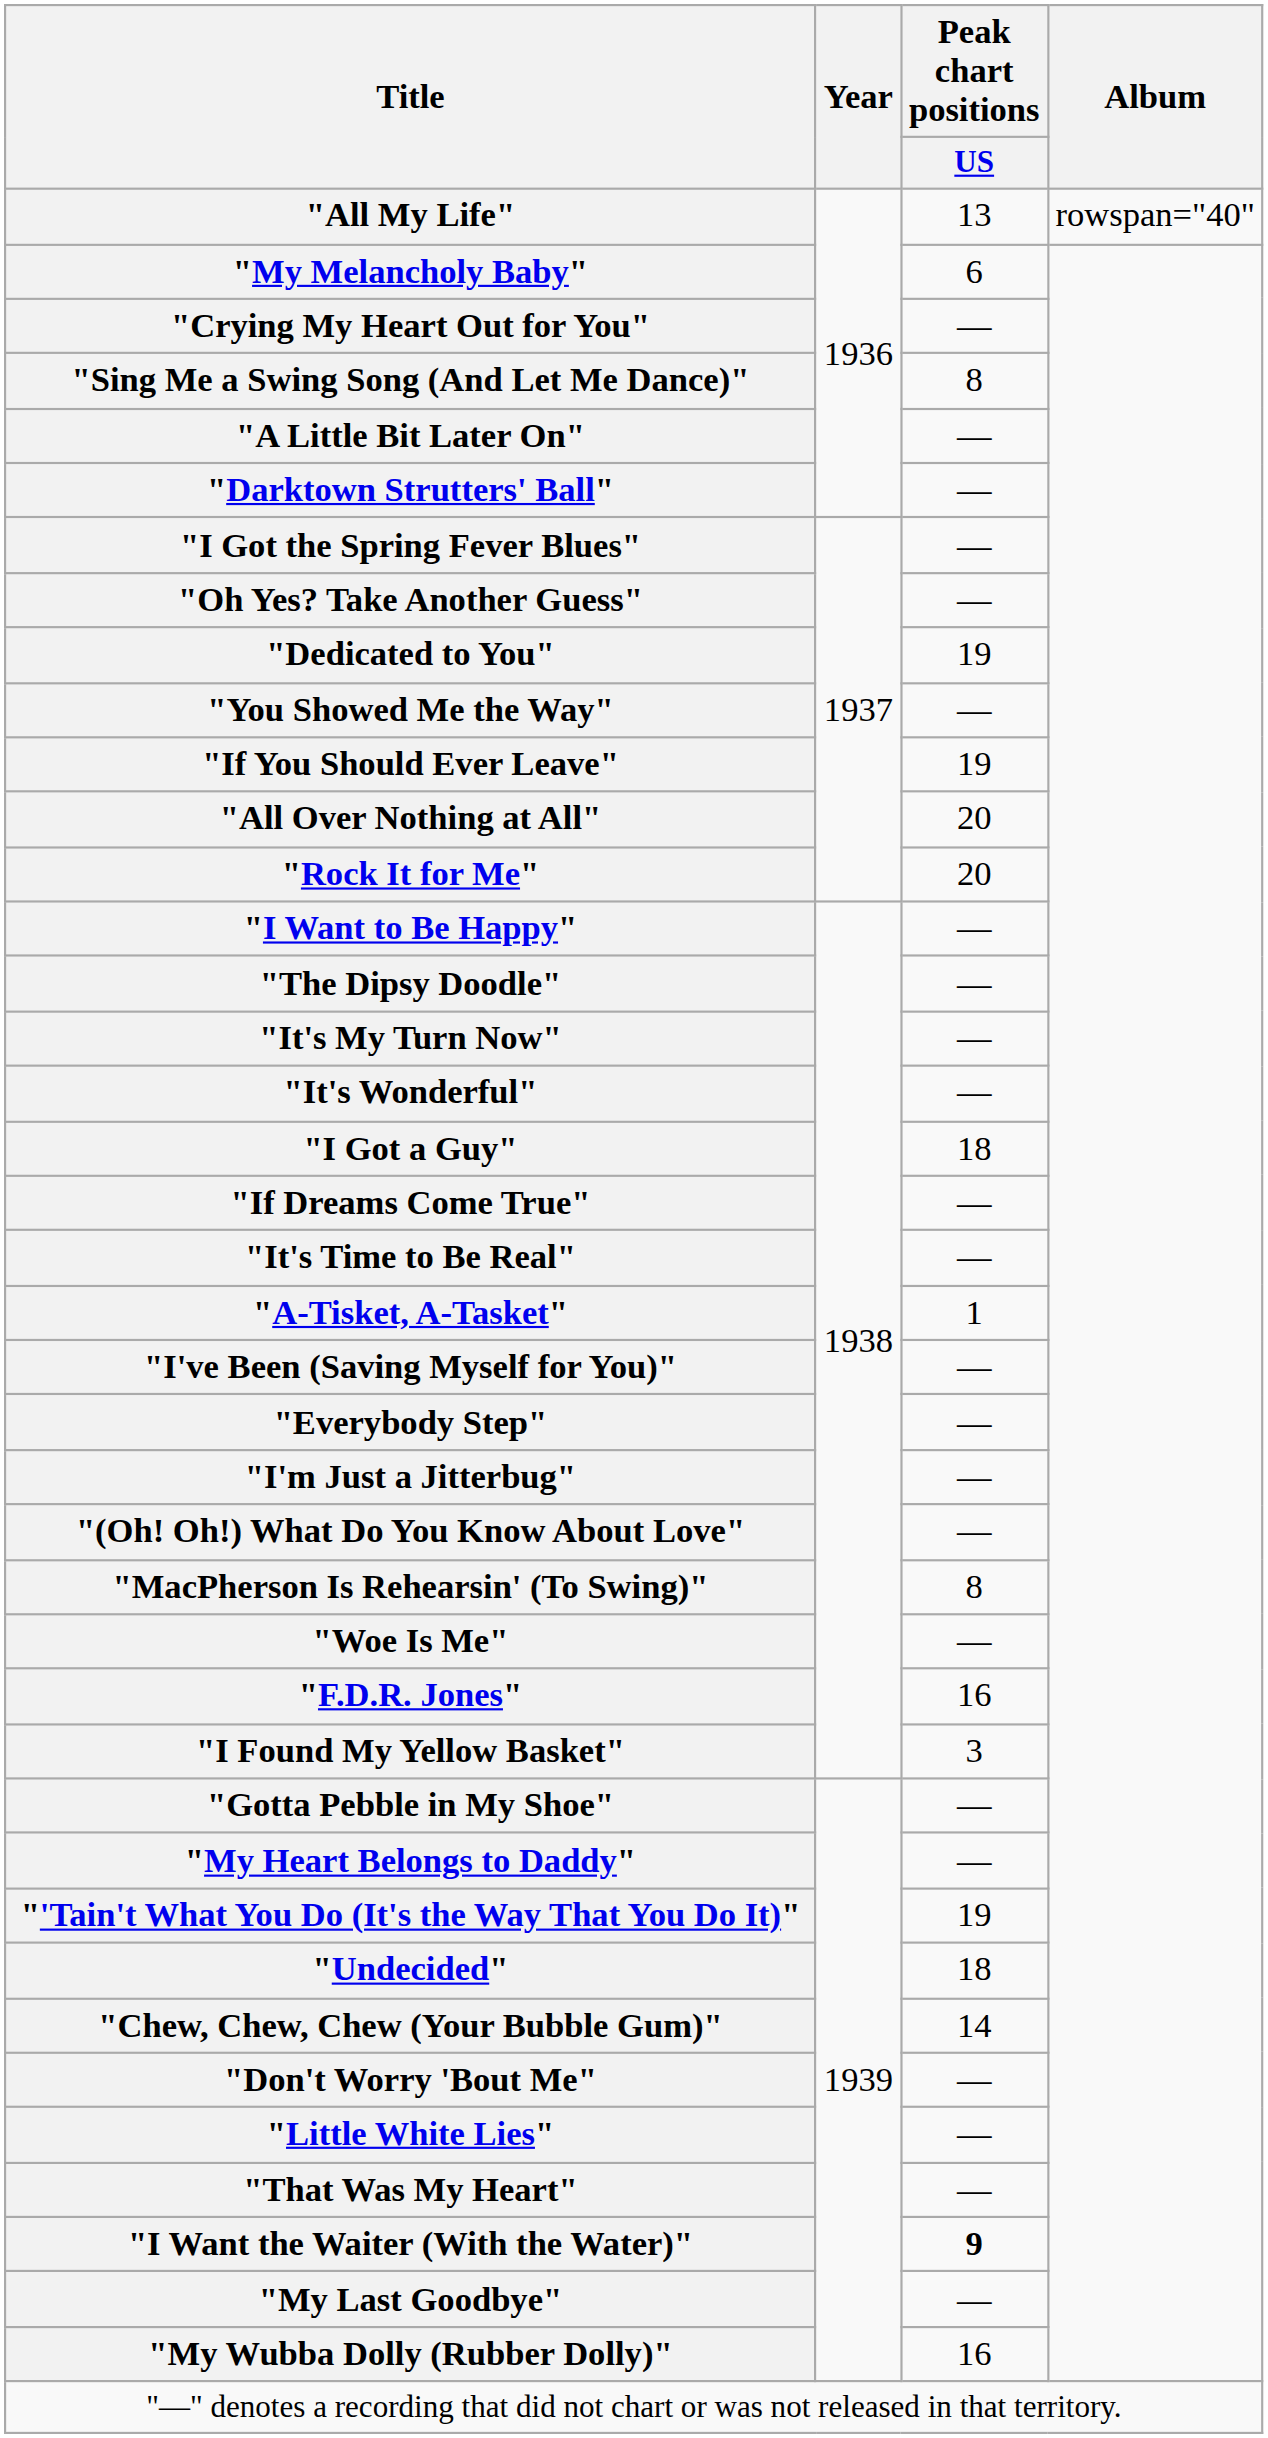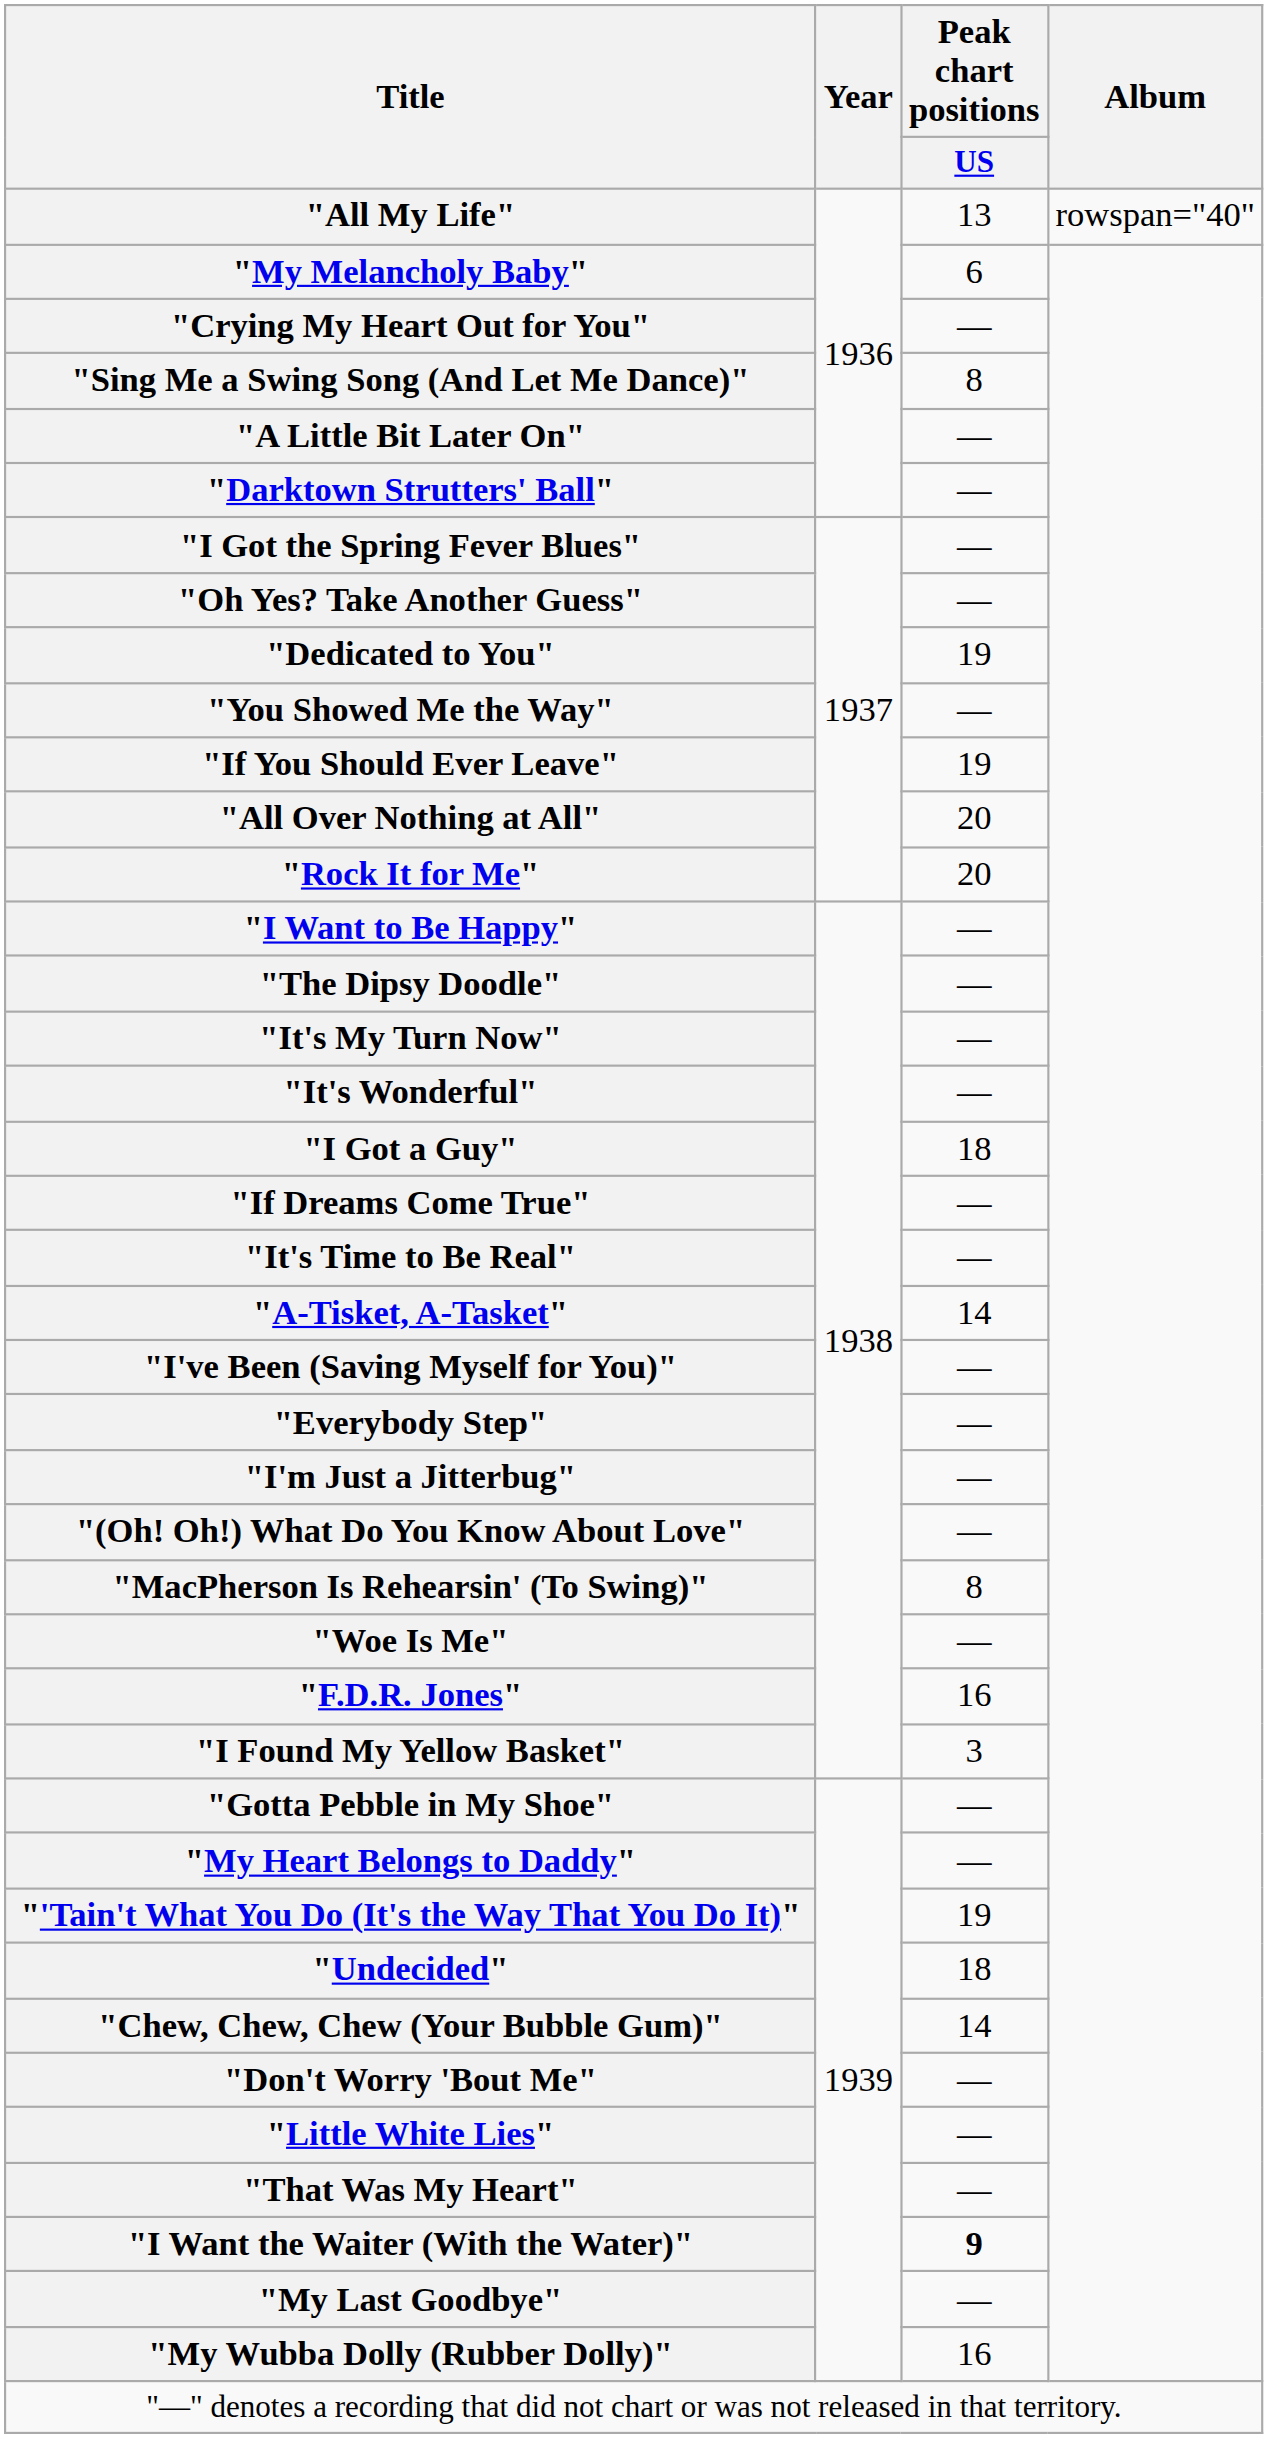 <table class="wikitable plainrowheaders" style="text-align:center;" border="1">
 <tr>
 <th scope="col" rowspan="2" style="width:23em;">Title</th>
 <th scope="col" rowspan="2">Year</th>
 <th scope="col" colspan="1">Peak<br>chart<br>positions</th>
 <th scope="col" rowspan="2">Album</th>
 </tr>
 <tr>
 <th scope="col" style="width:3em;font-size:90%;"><a href='#'>US</a><br></th>
 </tr>
 <tr>
 <th scope="row">"All My Life"<br></th>
 <td rowspan="6">1936</td>
 <td>13</td>
 <td>rowspan="40" </td>
 </tr>
 <tr>
 <th scope="row">"<a href='#'>My Melancholy Baby</a>"<br></th>
 <td>6</td>
 </tr>
 <tr>
 <th scope="row">"Crying My Heart Out for You"<br></th>
 <td>—</td>
 </tr>
 <tr>
 <th scope="row">"Sing Me a Swing Song (And Let Me Dance)"<br></th>
 <td>8</td>
 </tr>
 <tr>
 <th scope="row">"A Little Bit Later On"<br></th>
 <td>—</td>
 </tr>
 <tr>
 <th scope="row">"<a href='#'>Darktown Strutters' Ball</a>"<br></th>
 <td>—</td>
 </tr>
 <tr>
 <th scope="row">"I Got the Spring Fever Blues"<br></th>
 <td rowspan="7">1937</td>
 <td>—</td>
 </tr>
 <tr>
 <th scope="row">"Oh Yes? Take Another Guess"<br></th>
 <td>—</td>
 </tr>
 <tr>
 <th scope="row">"Dedicated to You"<br></th>
 <td>19</td>
 </tr>
 <tr>
 <th scope="row">"You Showed Me the Way"<br></th>
 <td>—</td>
 </tr>
 <tr>
 <th scope="row">"If You Should Ever Leave"<br></th>
 <td>19</td>
 </tr>
 <tr>
 <th scope="row">"All Over Nothing at All"<br></th>
 <td>20</td>
 </tr>
 <tr>
 <th scope="row">"<a href='#'>Rock It for Me</a>"<br></th>
 <td>20</td>
 </tr>
 <tr>
 <th scope="row">"<a href='#'>I Want to Be Happy</a>"<br></th>
 <td rowspan="16">1938</td>
 <td>—</td>
 </tr>
 <tr>
 <th scope="row">"The Dipsy Doodle"<br></th>
 <td>—</td>
 </tr>
 <tr>
 <th scope="row">"It's My Turn Now"<br></th>
 <td>—</td>
 </tr>
 <tr>
 <th scope="row">"It's Wonderful"<br></th>
 <td>—</td>
 </tr>
 <tr>
 <th scope="row">"I Got a Guy"<br></th>
 <td>18</td>
 </tr>
 <tr>
 <th scope="row">"If Dreams Come True"<br></th>
 <td>—</td>
 </tr>
 <tr>
 <th scope="row">"It's Time to Be Real"<br></th>
 <td>—</td>
 </tr>
 <tr>
 <th scope="row">"<a href='#'>A-Tisket, A-Tasket</a>"<br></th>
-<td>1</td>
+<td>14</td>
 </tr>
 <tr>
 <th scope="row">"I've Been (Saving Myself for You)"<br></th>
 <td>—</td>
 </tr>
 <tr>
 <th scope="row">"Everybody Step"<br></th>
 <td>—</td>
 </tr>
 <tr>
 <th scope="row">"I'm Just a Jitterbug"<br></th>
 <td>—</td>
 </tr>
 <tr>
 <th scope="row">"(Oh! Oh!) What Do You Know About Love"<br></th>
 <td>—</td>
 </tr>
 <tr>
 <th scope="row">"MacPherson Is Rehearsin' (To Swing)"<br></th>
 <td>8</td>
 </tr>
 <tr>
 <th scope="row">"Woe Is Me"<br></th>
 <td>—</td>
 </tr>
 <tr>
 <th scope="row">"<a href='#'>F.D.R. Jones</a>"<br></th>
 <td>16</td>
 </tr>
 <tr>
 <th scope="row">"I Found My Yellow Basket"<br></th>
 <td>3</td>
 </tr>
 <tr>
 <th scope="row">"Gotta Pebble in My Shoe"<br></th>
 <td rowspan="11">1939</td>
 <td>—</td>
 </tr>
 <tr>
 <th scope="row">"<a href='#'>My Heart Belongs to Daddy</a>"<br></th>
 <td>—</td>
 </tr>
 <tr>
 <th scope="row">"<a href='#'>'Tain't What You Do (It's the Way That You Do It)</a>"<br></th>
 <td>19</td>
 </tr>
 <tr>
 <th scope="row">"<a href='#'>Undecided</a>"<br></th>
 <td>18</td>
 </tr>
 <tr>
 <th scope="row">"Chew, Chew, Chew (Your Bubble Gum)"<br></th>
 <td>14</td>
 </tr>
 <tr>
 <th scope="row">"Don't Worry 'Bout Me"<br></th>
 <td>—</td>
 </tr>
 <tr>
 <th scope="row">"<a href='#'>Little White Lies</a>"<br></th>
 <td>—</td>
 </tr>
 <tr>
 <th scope="row">"That Was My Heart"<br></th>
 <td>—</td>
 </tr>
 <tr>
 <th scope="row">"I Want the Waiter (With the Water)"<br></th>
 <td><strong>9</strong></td>
 </tr>
 <tr>
 <th scope="row">"My Last Goodbye"<br></th>
 <td>—</td>
 </tr>
 <tr>
 <th scope="row">"My Wubba Dolly (Rubber Dolly)"<br></th>
 <td>16</td>
 </tr>
 <tr>
 <td colspan="4" style="font-size:90%">"—" denotes a recording that did not chart or was not released in that territory.</td>
 </tr>
 </table>
